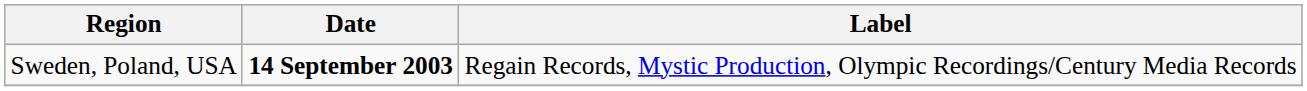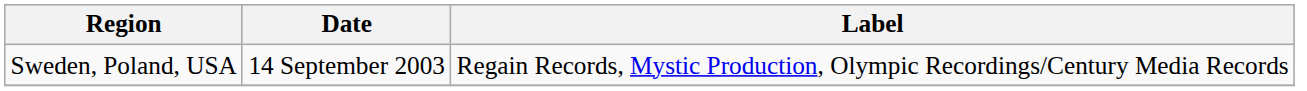 <table class="wikitable plainrowheaders">
 <tr>
 <th scope="col">Region</th>
 <th scope="col">Date</th>
 <th scope="col">Label</th>
 </tr>
 <tr>
 <td>Sweden, Poland, USA</td>
-<td><strong>14 September 2003</strong></td>
+<td>14 September 2003</td>
 <td>Regain Records, <a href='#'>Mystic Production</a>, Olympic Recordings/Century Media Records</td>
 </tr>
 <tr>
 </tr>
 </table>
